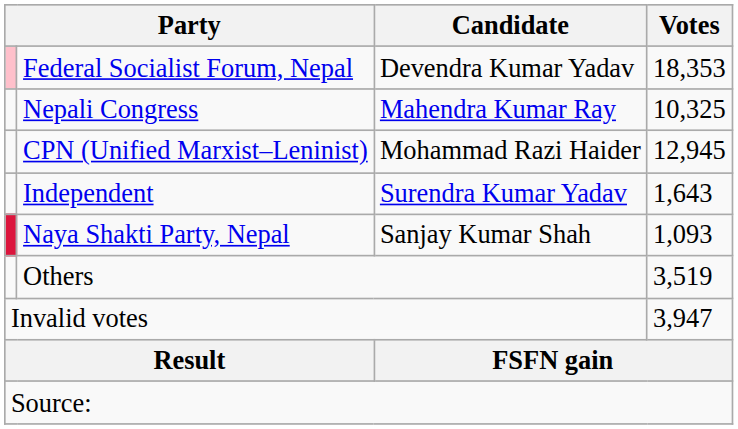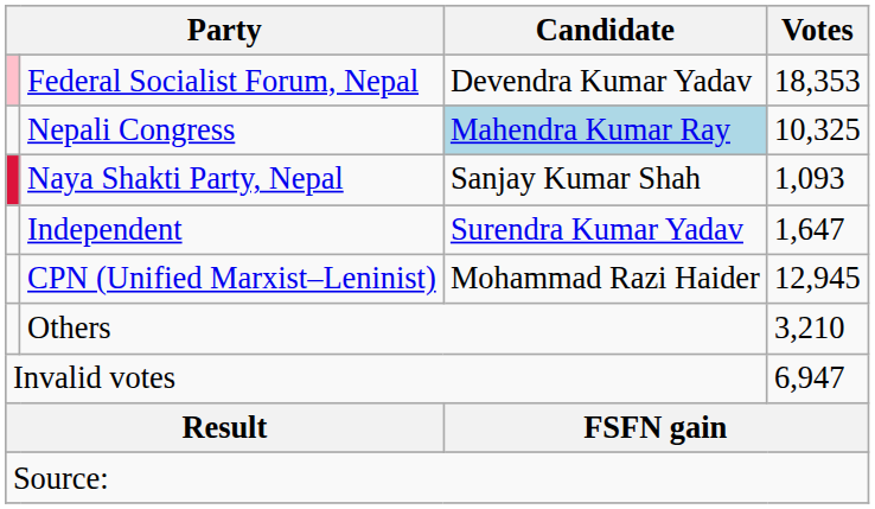 <table class="wikitable">
 <tr>
 <th colspan="2">Party</th>
 <th>Candidate</th>
 <th>Votes</th>
 </tr>
 <tr>
 <td style="background-color:pink"></td>
 <td><a href='#'>Federal Socialist Forum, Nepal</a></td>
 <td>Devendra Kumar Yadav</td>
 <td>18,353</td>
 </tr>
 <tr>
 <td style="background-color:"></td>
 <td><a href='#'>Nepali Congress</a></td>
-<td><a href='#'>Mahendra Kumar Ray</a></td>
+<td style="background: lightblue;"><a href='#'>Mahendra Kumar Ray</a></td>
 <td>10,325</td>
+</tr>
+<tr>
+<td style="background-color:crimson"></td>
+<td><a href='#'>Naya Shakti Party, Nepal</a></td>
+<td>Sanjay Kumar Shah</td>
+<td>1,093</td>
+</tr>
+<tr>
+<td style="background-color:"></td>
+<td><a href='#'>Independent</a></td>
+<td><a href='#'>Surendra Kumar Yadav</a></td>
+<td>1,647</td>
 </tr>
 <tr>
 <td style="background-color:"></td>
 <td><a href='#'>CPN (Unified Marxist–Leninist)</a></td>
 <td>Mohammad Razi Haider</td>
 <td>12,945</td>
 </tr>
 <tr>
-<td style="background-color:"></td>
-<td><a href='#'>Independent</a></td>
-<td><a href='#'>Surendra Kumar Yadav</a></td>
-<td>1,643</td>
-</tr>
-<tr>
-<td style="background-color:crimson"></td>
-<td><a href='#'>Naya Shakti Party, Nepal</a></td>
-<td>Sanjay Kumar Shah</td>
-<td>1,093</td>
-</tr>
-<tr>
 <td></td>
 <td colspan="2">Others</td>
-<td>3,519</td>
+<td>3,210</td>
 </tr>
 <tr>
 <td colspan="3">Invalid votes</td>
-<td>3,947</td>
+<td>6,947</td>
 </tr>
 <tr>
 <th colspan="2">Result</th>
 <th colspan="2">FSFN gain</th>
 </tr>
 <tr>
 <td colspan="4">Source: </td>
 </tr>
 </table>
